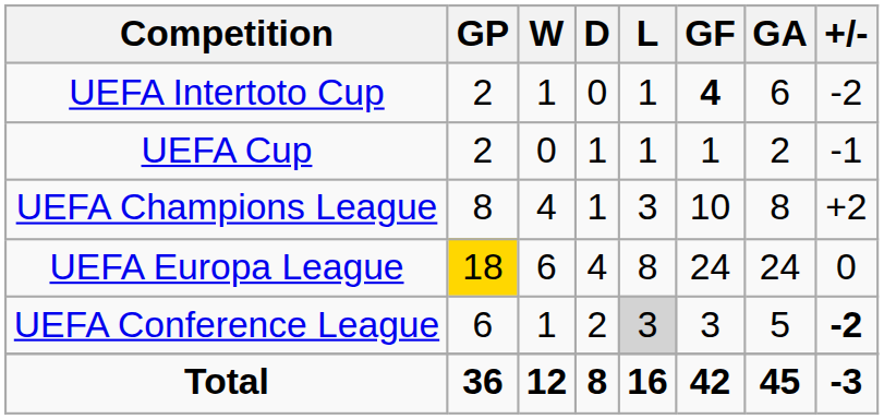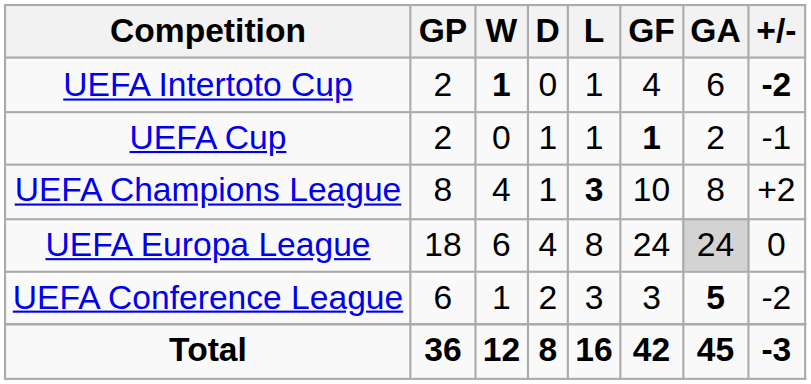 <table class="wikitable" style="text-align:center">
 <tr>
 <th>Competition</th>
 <th>GP</th>
 <th>W</th>
 <th>D</th>
 <th>L</th>
 <th>GF</th>
 <th>GA</th>
 <th>+/-</th>
 </tr>
 <tr>
 <td><a href='#'>UEFA Intertoto Cup</a></td>
 <td>2</td>
-<td>1</td>
+<td><strong>1</strong></td>
 <td>0</td>
 <td>1</td>
-<td><strong>4</strong></td>
+<td>4</td>
 <td>6</td>
-<td>-2</td>
+<td><strong>-2</strong></td>
 </tr>
 <tr>
 <td><a href='#'>UEFA Cup</a></td>
 <td>2</td>
 <td>0</td>
 <td>1</td>
 <td>1</td>
-<td>1</td>
+<td><strong>1</strong></td>
 <td>2</td>
 <td>-1</td>
 </tr>
 <tr>
 <td><a href='#'>UEFA Champions League</a></td>
 <td>8</td>
 <td>4</td>
 <td>1</td>
-<td>3</td>
+<td><strong>3</strong></td>
 <td>10</td>
 <td>8</td>
 <td>+2</td>
 </tr>
 <tr>
 <td><a href='#'>UEFA Europa League</a></td>
-<td style="background: gold;">18</td>
+<td>18</td>
 <td>6</td>
 <td>4</td>
 <td>8</td>
 <td>24</td>
-<td>24</td>
+<td style="background: lightgrey;">24</td>
 <td>0</td>
 </tr>
 <tr>
 <td><a href='#'>UEFA Conference League</a></td>
 <td>6</td>
 <td>1</td>
 <td>2</td>
-<td style="background: lightgrey;">3</td>
 <td>3</td>
-<td>5</td>
-<td><strong>-2</strong></td>
+<td>3</td>
+<td><strong>5</strong></td>
+<td>-2</td>
 </tr>
 <tr>
 </tr>
 <tr class="unsortable">
 <td><strong>Total</strong></td>
 <td><strong>36</strong></td>
 <td><strong>12</strong></td>
 <td><strong>8</strong></td>
 <td><strong>16</strong></td>
 <td><strong>42</strong></td>
 <td><strong>45</strong></td>
 <td><strong>-3</strong></td>
 </tr>
 </table>
